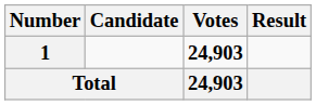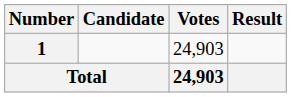 <table class="wikitable sortable col3right">
 <tr>
 <th scope="col">Number</th>
 <th scope="col">Candidate</th>
 <th scope="col">Votes</th>
 <th scope="col">Result</th>
 </tr>
 <tr>
 <th scope="row">1</th>
 <td></td>
-<td><strong>24,903</strong></td>
+<td>24,903</td>
 <td></td>
 </tr>
 <tr class="sortbottom">
 <th scope="row" colspan="2">Total</th>
 <th style="text-align:right">24,903</th>
 <th></th>
 </tr>
 </table>
